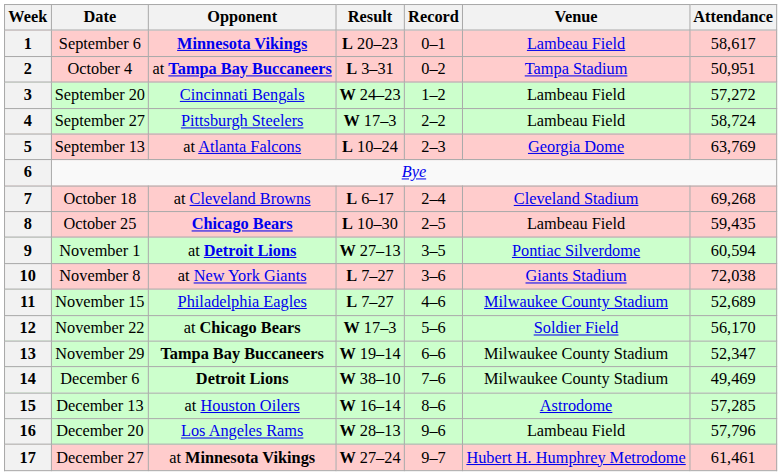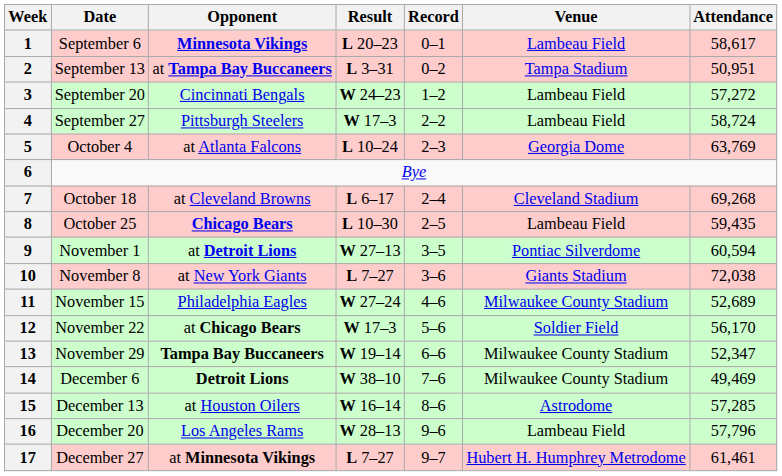 <table class="wikitable" style="text-align:center">
 <tr>
 <th>Week</th>
 <th>Date</th>
 <th>Opponent</th>
 <th>Result</th>
 <th>Record</th>
 <th>Venue</th>
 <th>Attendance</th>
 </tr>
 <tr style="background:#fcc">
 <th>1</th>
 <td>September 6</td>
 <td><strong><a href='#'>Minnesota Vikings</a></strong></td>
 <td><strong>L</strong> 20–23 </td>
 <td>0–1</td>
 <td><a href='#'>Lambeau Field</a></td>
 <td>58,617</td>
 </tr>
 <tr style="background:#fcc">
 <th>2</th>
-<td>October 4</td>
+<td>September 13</td>
 <td>at <strong><a href='#'>Tampa Bay Buccaneers</a></strong></td>
 <td><strong>L</strong> 3–31</td>
 <td>0–2</td>
 <td><a href='#'>Tampa Stadium</a></td>
 <td>50,951</td>
 </tr>
 <tr style="background:#cfc">
 <th>3</th>
 <td>September 20</td>
 <td><a href='#'>Cincinnati Bengals</a></td>
 <td><strong>W</strong> 24–23</td>
 <td>1–2</td>
 <td>Lambeau Field</td>
 <td>57,272</td>
 </tr>
 <tr style="background:#cfc">
 <th>4</th>
 <td>September 27</td>
 <td><a href='#'>Pittsburgh Steelers</a></td>
 <td><strong>W</strong> 17–3</td>
 <td>2–2</td>
 <td>Lambeau Field</td>
 <td>58,724</td>
 </tr>
 <tr style="background:#fcc">
 <th>5</th>
-<td>September 13</td>
+<td>October 4</td>
 <td>at <a href='#'>Atlanta Falcons</a></td>
 <td><strong>L</strong> 10–24</td>
 <td>2–3</td>
 <td><a href='#'>Georgia Dome</a></td>
 <td>63,769</td>
 </tr>
 <tr style="text-align:center;">
 <th>6</th>
 <td colspan="6"><em><a href='#'>Bye</a></em></td>
 </tr>
 <tr style="background:#fcc">
 <th>7</th>
 <td>October 18</td>
 <td>at <a href='#'>Cleveland Browns</a></td>
 <td><strong>L</strong> 6–17</td>
 <td>2–4</td>
 <td><a href='#'>Cleveland Stadium</a></td>
 <td>69,268</td>
 </tr>
 <tr style="background:#fcc">
 <th>8</th>
 <td>October 25</td>
 <td><strong><a href='#'>Chicago Bears</a></strong></td>
 <td><strong>L</strong> 10–30</td>
 <td>2–5</td>
 <td>Lambeau Field</td>
 <td>59,435</td>
 </tr>
 <tr style="background:#cfc">
 <th>9</th>
 <td>November 1</td>
 <td>at <strong><a href='#'>Detroit Lions</a></strong></td>
 <td><strong>W</strong> 27–13</td>
 <td>3–5</td>
 <td><a href='#'>Pontiac Silverdome</a></td>
 <td>60,594</td>
 </tr>
 <tr style="background:#fcc">
 <th>10</th>
 <td>November 8</td>
 <td>at <a href='#'>New York Giants</a></td>
 <td><strong>L</strong> 7–27</td>
 <td>3–6</td>
 <td><a href='#'>Giants Stadium</a></td>
 <td>72,038</td>
 </tr>
 <tr style="background:#cfc">
 <th>11</th>
 <td>November 15</td>
 <td><a href='#'>Philadelphia Eagles</a></td>
-<td><strong>L</strong> 7–27</td>
+<td><strong>W</strong> 27–24</td>
 <td>4–6</td>
 <td><a href='#'>Milwaukee County Stadium</a></td>
 <td>52,689</td>
 </tr>
 <tr style="background:#cfc">
 <th>12</th>
 <td>November 22</td>
 <td>at <strong>Chicago Bears</strong></td>
 <td><strong>W</strong> 17–3</td>
 <td>5–6</td>
 <td><a href='#'>Soldier Field</a></td>
 <td>56,170</td>
 </tr>
 <tr style="background:#cfc">
 <th>13</th>
 <td>November 29</td>
 <td><strong>Tampa Bay Buccaneers</strong></td>
 <td><strong>W</strong> 19–14</td>
 <td>6–6</td>
 <td>Milwaukee County Stadium</td>
 <td>52,347</td>
 </tr>
 <tr style="background:#cfc">
 <th>14</th>
 <td>December 6</td>
 <td><strong>Detroit Lions</strong></td>
 <td><strong>W</strong> 38–10</td>
 <td>7–6</td>
 <td>Milwaukee County Stadium</td>
 <td>49,469</td>
 </tr>
 <tr style="background:#cfc">
 <th>15</th>
 <td>December 13</td>
 <td>at <a href='#'>Houston Oilers</a></td>
 <td><strong>W</strong> 16–14</td>
 <td>8–6</td>
 <td><a href='#'>Astrodome</a></td>
 <td>57,285</td>
 </tr>
 <tr style="background:#cfc">
 <th>16</th>
 <td>December 20</td>
 <td><a href='#'>Los Angeles Rams</a></td>
 <td><strong>W</strong> 28–13</td>
 <td>9–6</td>
 <td>Lambeau Field</td>
 <td>57,796</td>
 </tr>
 <tr style="background:#fcc">
 <th>17</th>
 <td>December 27</td>
 <td>at <strong>Minnesota Vikings</strong></td>
-<td><strong>W</strong> 27–24</td>
+<td><strong>L</strong> 7–27</td>
 <td>9–7</td>
 <td><a href='#'>Hubert H. Humphrey Metrodome</a></td>
 <td>61,461</td>
 </tr>
 </table>
